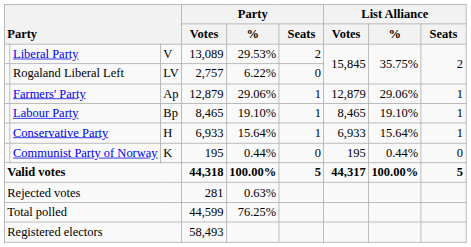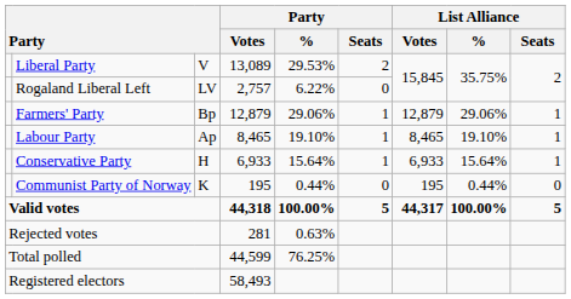 <table class="wikitable" border="1" style="text-align:right;">
 <tr>
 <th style="text-align:left;" valign=bottom rowspan=2 colspan=3>Party</th>
 <th colspan=3>Party</th>
 <th colspan=3>List Alliance</th>
 </tr>
 <tr>
 <th align=center valign=bottom width="50">Votes</th>
 <th align=center valign=bottom width="50">%</th>
 <th align=center valign=bottom width="50">Seats</th>
 <th align=center valign=bottom width="50">Votes</th>
 <th align=center valign=bottom width="50">%</th>
 <th align=center valign=bottom width="50">Seats</th>
 </tr>
 <tr>
 <td style="color:inherit;background:"></td>
 <td align=left><a href='#'>Liberal Party</a></td>
 <td align=left>V</td>
 <td>13,089</td>
 <td>29.53%</td>
 <td>2</td>
 <td rowspan=2>15,845</td>
 <td rowspan=2>35.75%</td>
 <td rowspan=2>2</td>
 </tr>
 <tr>
 <td></td>
 <td align=left>Rogaland Liberal Left</td>
 <td align=left>LV</td>
 <td>2,757</td>
 <td>6.22%</td>
 <td>0</td>
 </tr>
 <tr>
 <td style="color:inherit;background:"></td>
 <td align=left><a href='#'>Farmers' Party</a></td>
-<td align=left>Ap</td>
+<td align=left>Bp</td>
 <td>12,879</td>
 <td>29.06%</td>
 <td>1</td>
 <td>12,879</td>
 <td>29.06%</td>
 <td>1</td>
 </tr>
 <tr>
 <td style="color:inherit;background:"></td>
 <td align=left><a href='#'>Labour Party</a></td>
-<td align=left>Bp</td>
+<td align=left>Ap</td>
 <td>8,465</td>
 <td>19.10%</td>
 <td>1</td>
 <td>8,465</td>
 <td>19.10%</td>
 <td>1</td>
 </tr>
 <tr>
 <td style="color:inherit;background:"></td>
 <td align=left><a href='#'>Conservative Party</a></td>
 <td align=left>H</td>
 <td>6,933</td>
 <td>15.64%</td>
 <td>1</td>
 <td>6,933</td>
 <td>15.64%</td>
 <td>1</td>
 </tr>
 <tr>
 <td style="color:inherit;background:"></td>
 <td align=left><a href='#'>Communist Party of Norway</a></td>
 <td align=left>K</td>
 <td>195</td>
 <td>0.44%</td>
 <td>0</td>
 <td>195</td>
 <td>0.44%</td>
 <td>0</td>
 </tr>
 <tr style="font-weight:bold">
 <td align=left colspan=3>Valid votes</td>
 <td>44,318</td>
 <td>100.00%</td>
 <td>5</td>
 <td>44,317</td>
 <td>100.00%</td>
 <td>5</td>
 </tr>
 <tr>
 <td align=left colspan=3>Rejected votes</td>
 <td>281</td>
 <td>0.63%</td>
 <td></td>
 <td></td>
 <td></td>
 <td></td>
 </tr>
 <tr>
 <td align=left colspan=3>Total polled</td>
 <td>44,599</td>
 <td>76.25%</td>
 <td></td>
 <td></td>
 <td></td>
 <td></td>
 </tr>
 <tr>
 <td align=left colspan=3>Registered electors</td>
 <td>58,493</td>
 <td></td>
 <td></td>
 <td></td>
 <td></td>
 <td></td>
 </tr>
 </table>
